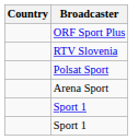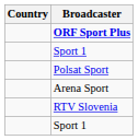 <table class="wikitable" style="font-size:95%;">
 <tr>
 <th>Country</th>
 <th>Broadcaster</th>
 </tr>
 <tr>
 <td align=left></td>
-<td><a href='#'>ORF Sport Plus</a></td>
+<td><strong><a href='#'>ORF Sport Plus</a></strong></td>
 </tr>
 <tr>
 <td align=left></td>
-<td><a href='#'>RTV Slovenia</a></td>
+<td><a href='#'>Sport 1</a></td>
 </tr>
 <tr>
 <td align=left></td>
 <td><a href='#'>Polsat Sport</a></td>
 </tr>
 <tr>
 <td align=left></td>
 <td>Arena Sport</td>
 </tr>
 <tr>
 <td align=left></td>
-<td><a href='#'>Sport 1</a></td>
+<td><a href='#'>RTV Slovenia</a></td>
 </tr>
 <tr>
 <td align=left></td>
 <td>Sport 1</td>
 </tr>
 </table>
